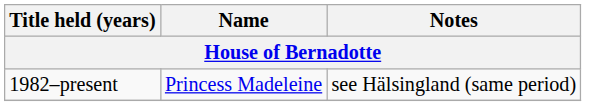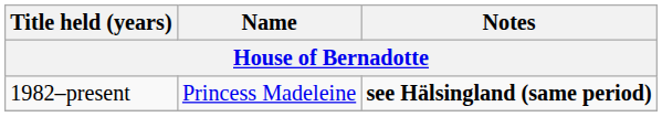 <table class="wikitable">
 <tr>
 <th><strong>Title held (years)</strong></th>
 <th><strong>Name</strong></th>
 <th><strong>Notes</strong></th>
 </tr>
 <tr>
 <th colspan=3><a href='#'>House of Bernadotte</a></th>
 </tr>
 <tr>
 <td>1982–present</td>
 <td><a href='#'>Princess Madeleine</a></td>
-<td>see Hälsingland (same period)</td>
+<td><strong>see Hälsingland (same period)</strong></td>
 </tr>
 <tr>
 </tr>
 </table>
